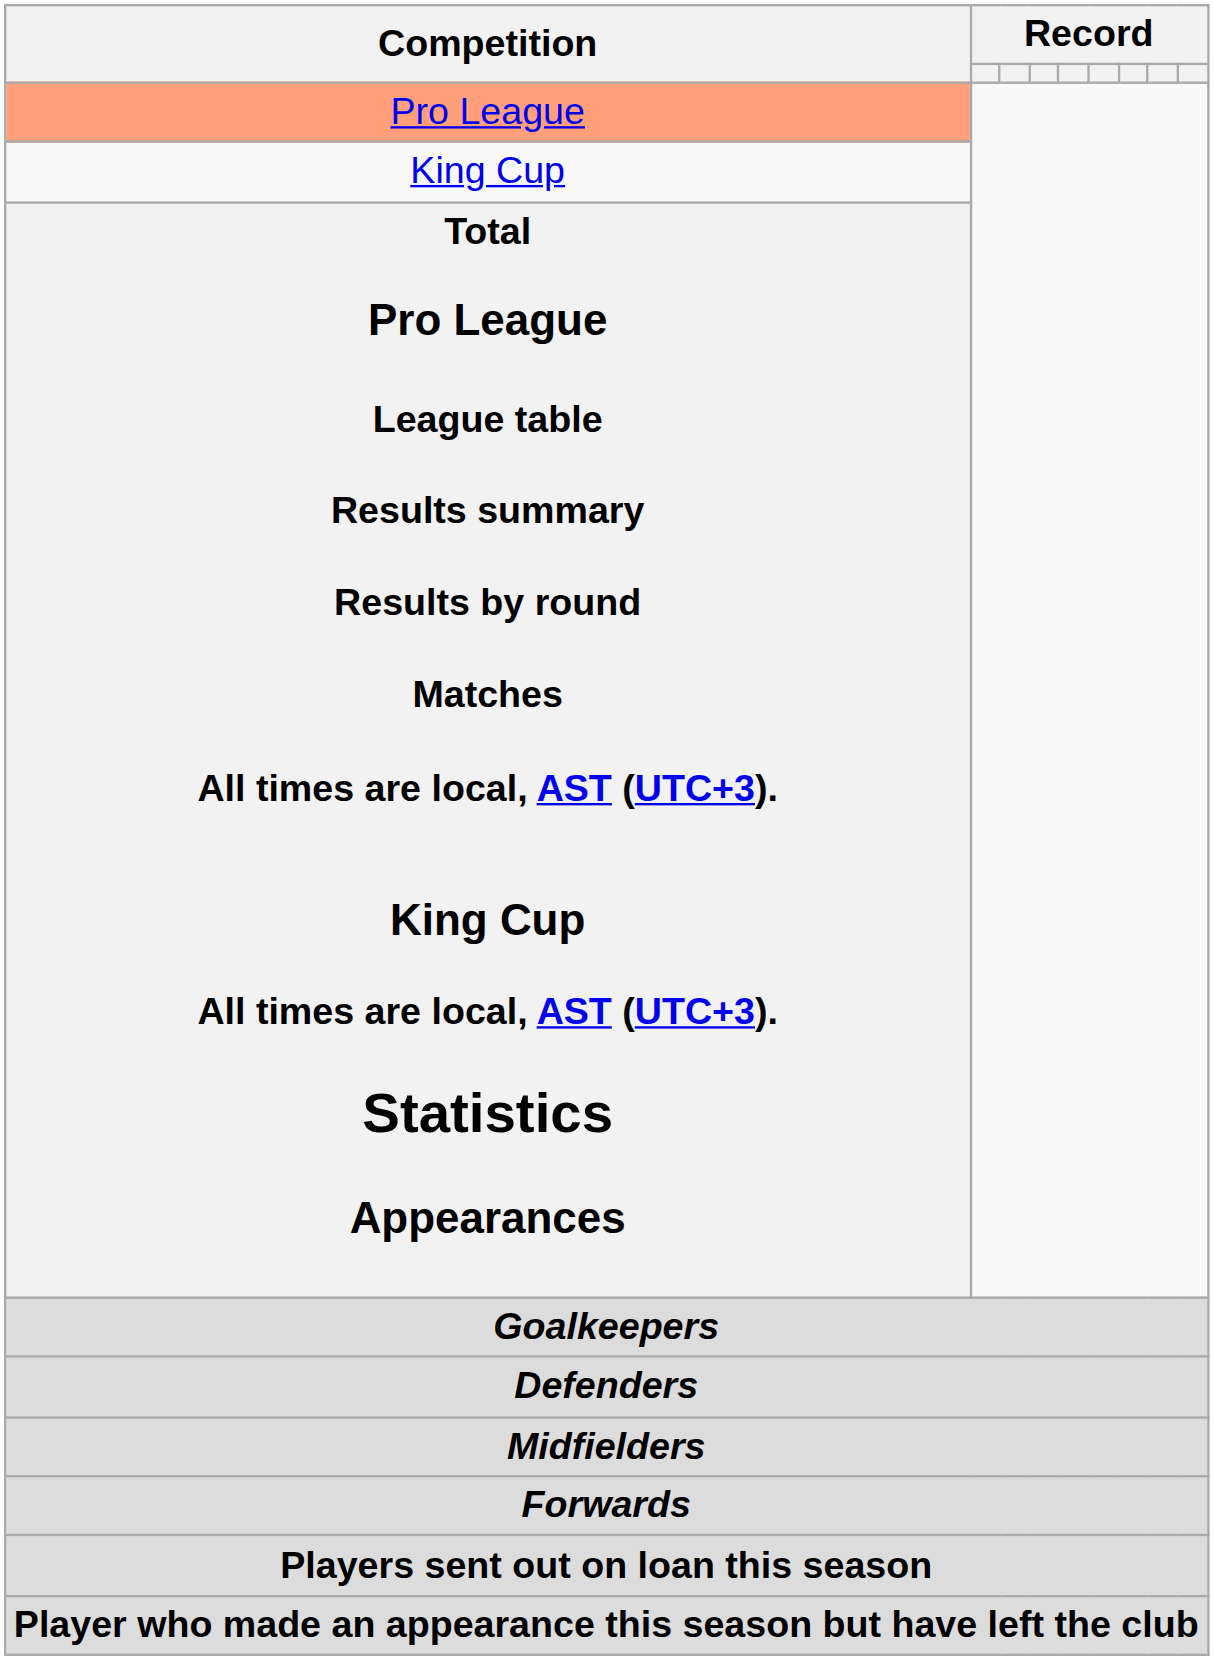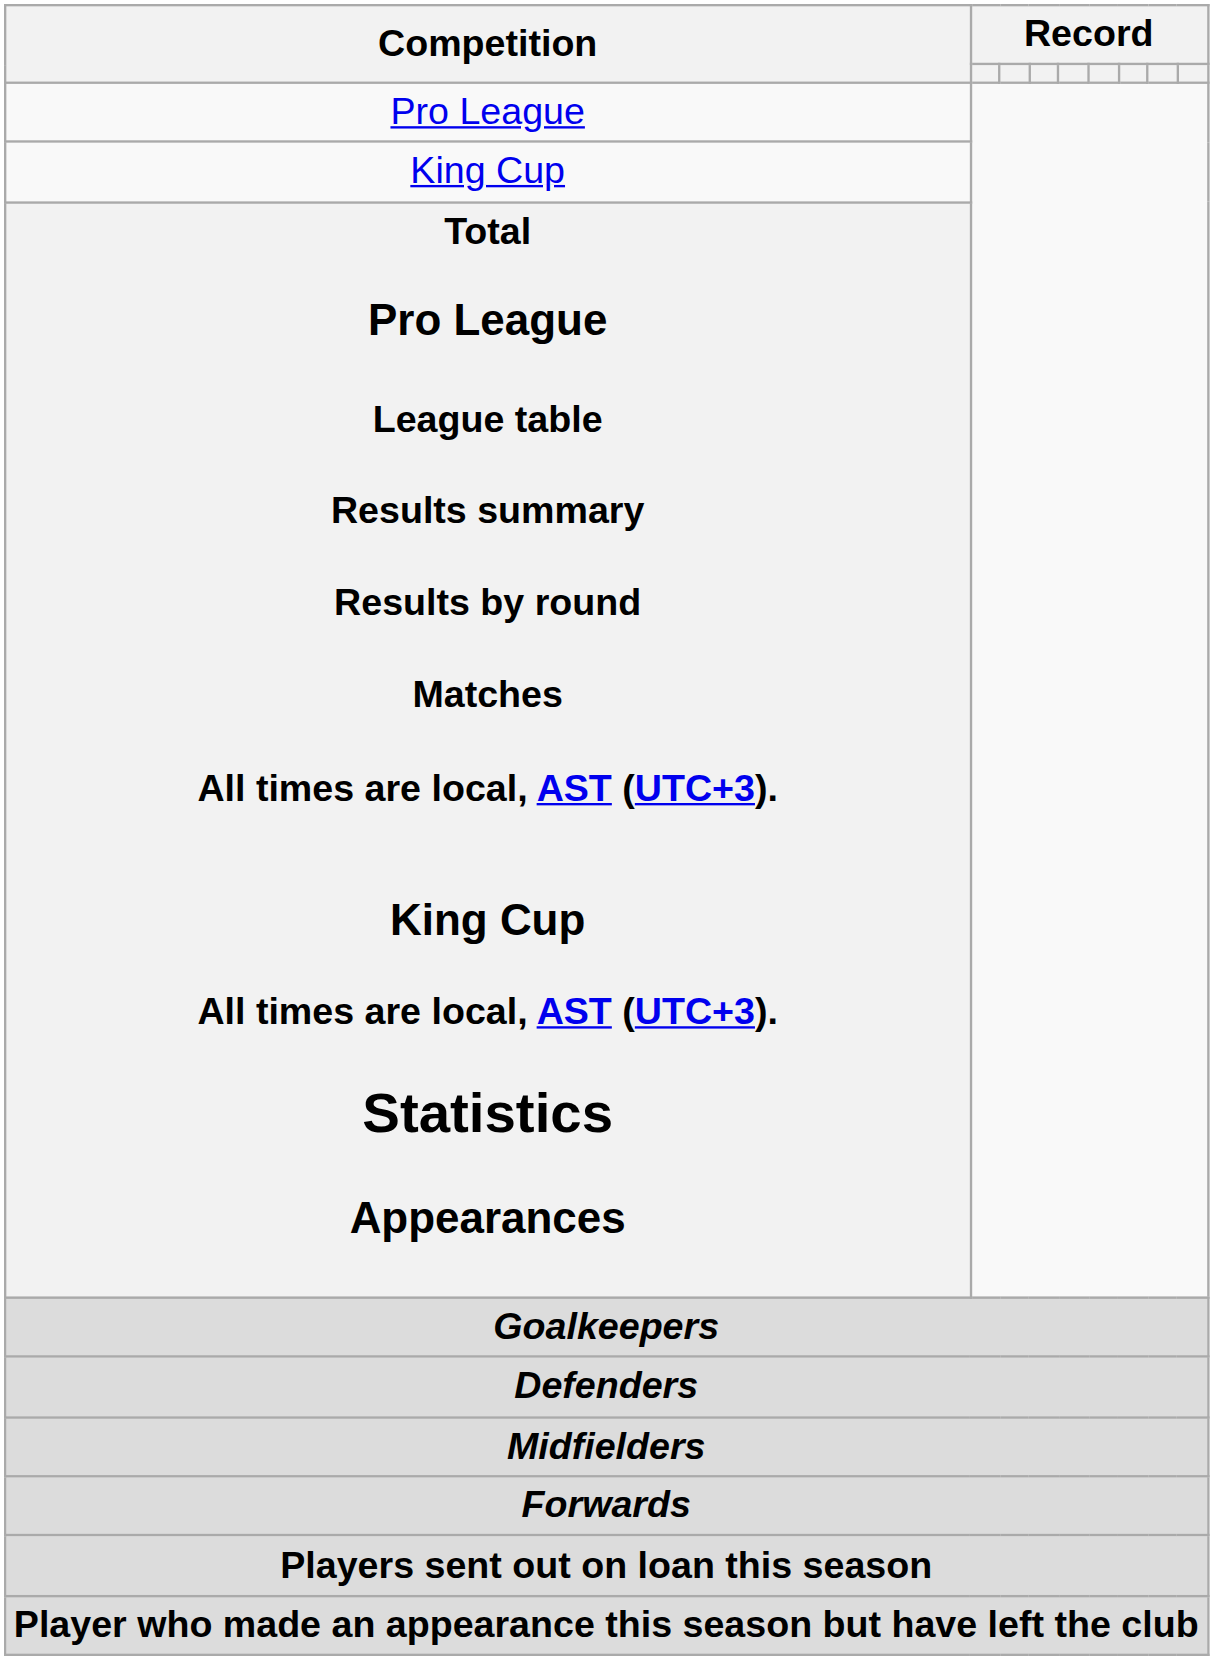 <table class="wikitable" style="text-align: center">
 <tr>
 <th rowspan=2>Competition</th>
 <th colspan=8>Record</th>
 </tr>
 <tr>
 <th></th>
 <th></th>
 <th></th>
 <th></th>
 <th></th>
 <th></th>
 <th></th>
 <th></th>
 </tr>
 <tr>
-<td style="background: lightsalmon;"><a href='#'>Pro League</a><br></td>
+<td><a href='#'>Pro League</a><br></td>
 </tr>
 <tr>
 <td><a href='#'>King Cup</a><br></td>
 </tr>
 <tr>
 <th>Total<br> <h3>Pro League</h3><h4>League table</h4><h4>Results summary</h4> <h4>Results by round</h4><h4>Matches</h4>All times are local, <a href='#'>AST</a> (<a href='#'>UTC+3</a>).<br>   <br>                                 <h3>King Cup</h3> All times are local, <a href='#'>AST</a> (<a href='#'>UTC+3</a>).<br> <h2>Statistics</h2><h3>Appearances</h3></th>
 </tr>
 <tr>
 <th colspan=10 style=background:#dcdcdc; text-align:center><em>Goalkeepers</em><br>  </th>
 </tr>
 <tr>
 <th colspan=10 style=background:#dcdcdc; text-align:center><em>Defenders</em><br>           </th>
 </tr>
 <tr>
 <th colspan=10 style=background:#dcdcdc; text-align:center><em>Midfielders</em><br>          </th>
 </tr>
 <tr>
 <th colspan=10 style=background:#dcdcdc; text-align:center><em>Forwards</em><br>    </th>
 </tr>
 <tr>
 <th colspan=14 style=background:#dcdcdc; text-align:center>Players sent out on loan this season<br> </th>
 </tr>
 <tr>
 <th colspan=18 style=background:#dcdcdc; text-align:center>Player who made an appearance this season but have left the club<br>   </th>
 </tr>
 </table>
